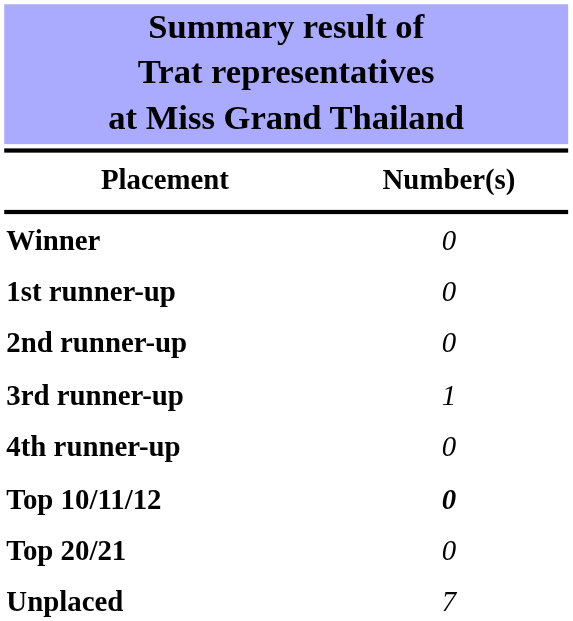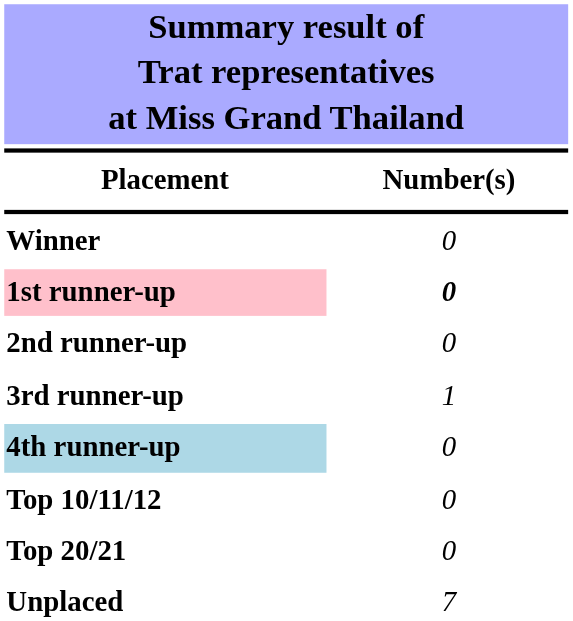 <table style="width: 270px; font-size:85%; line-height:1.5em;">
 <tr>
 <th colspan="2" align="center" style="background:#AAF;"><big>Summary result of<br>Trat representatives<br>at Miss Grand Thailand</big></th>
 </tr>
 <tr>
 <td colspan="2" style="background:black"></td>
 </tr>
 <tr>
 <th scope="col">Placement</th>
 <th scope="col">Number(s)</th>
 </tr>
 <tr>
 <td colspan="2" style="background:black"></td>
 </tr>
 <tr>
 <td align="left"><strong>Winner</strong></td>
 <td align="center"><em>0</em></td>
 </tr>
 <tr>
-<td align="left"><strong>1st runner-up</strong></td>
-<td align="center"><em>0</em></td>
+<td align="left" style="background: pink;"><strong>1st runner-up</strong></td>
+<td align="center"><strong><em>0</em></strong></td>
 </tr>
 <tr>
 <td align="left"><strong>2nd runner-up</strong></td>
 <td align="center"><em>0</em></td>
 </tr>
 <tr>
 <td align="left"><strong>3rd runner-up</strong></td>
 <td align="center"><em>1</em></td>
 </tr>
 <tr>
-<td align="left"><strong>4th runner-up</strong></td>
+<td align="left" style="background: lightblue;"><strong>4th runner-up</strong></td>
 <td align="center"><em>0</em></td>
 </tr>
 <tr>
 <td align="left"><strong>Top 10/11/12</strong></td>
-<td align="center"><strong><em>0</em></strong></td>
+<td align="center"><em>0</em></td>
 </tr>
 <tr>
 <td align="left"><strong>Top 20/21</strong></td>
 <td align="center"><em>0</em></td>
 </tr>
 <tr>
 <td align="left"><strong>Unplaced</strong></td>
 <td align="center"><em>7</em></td>
 </tr>
 </table>
